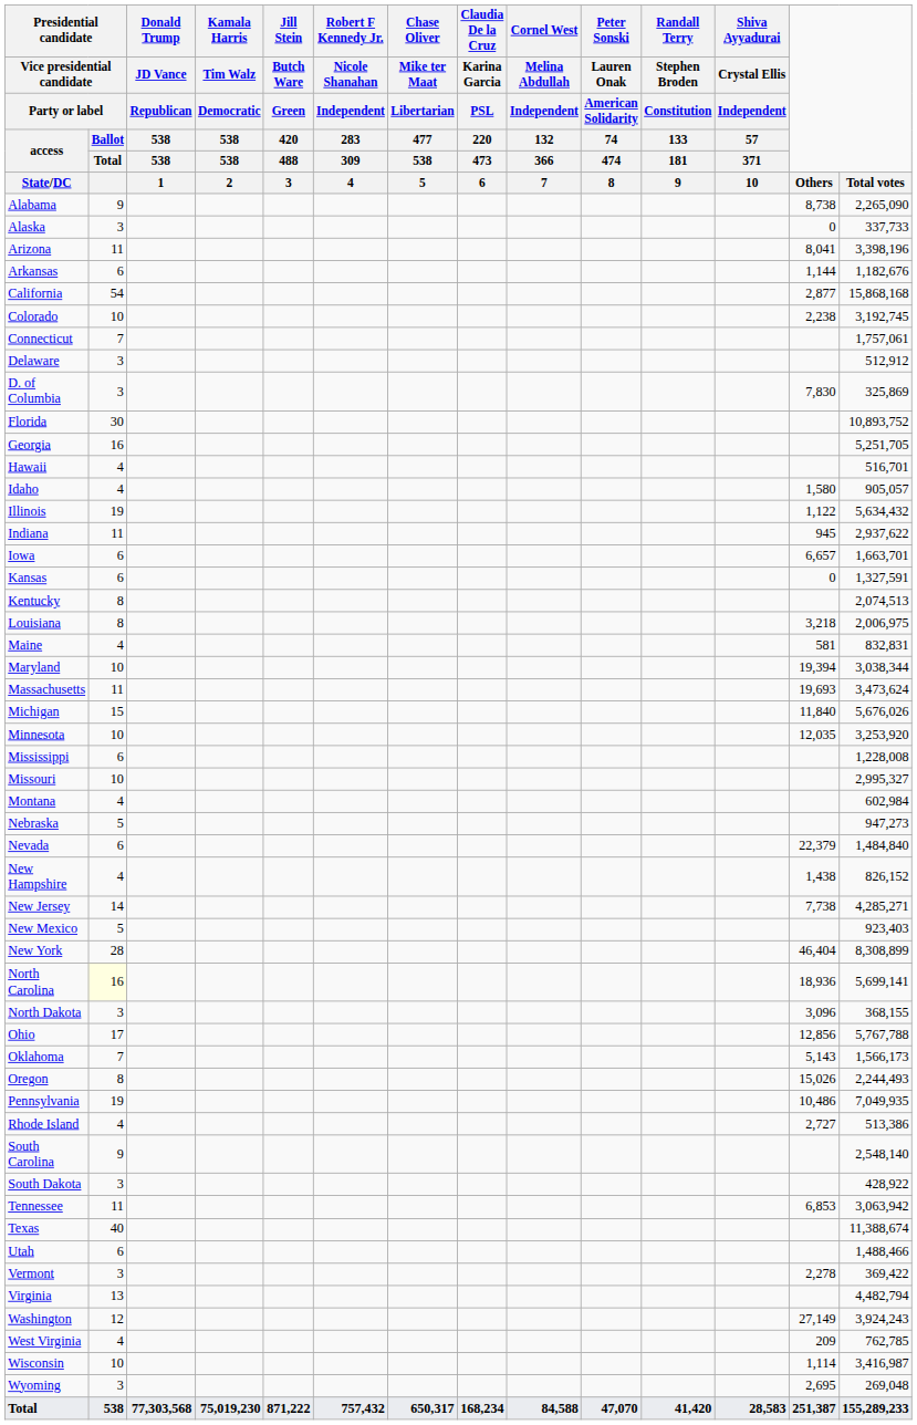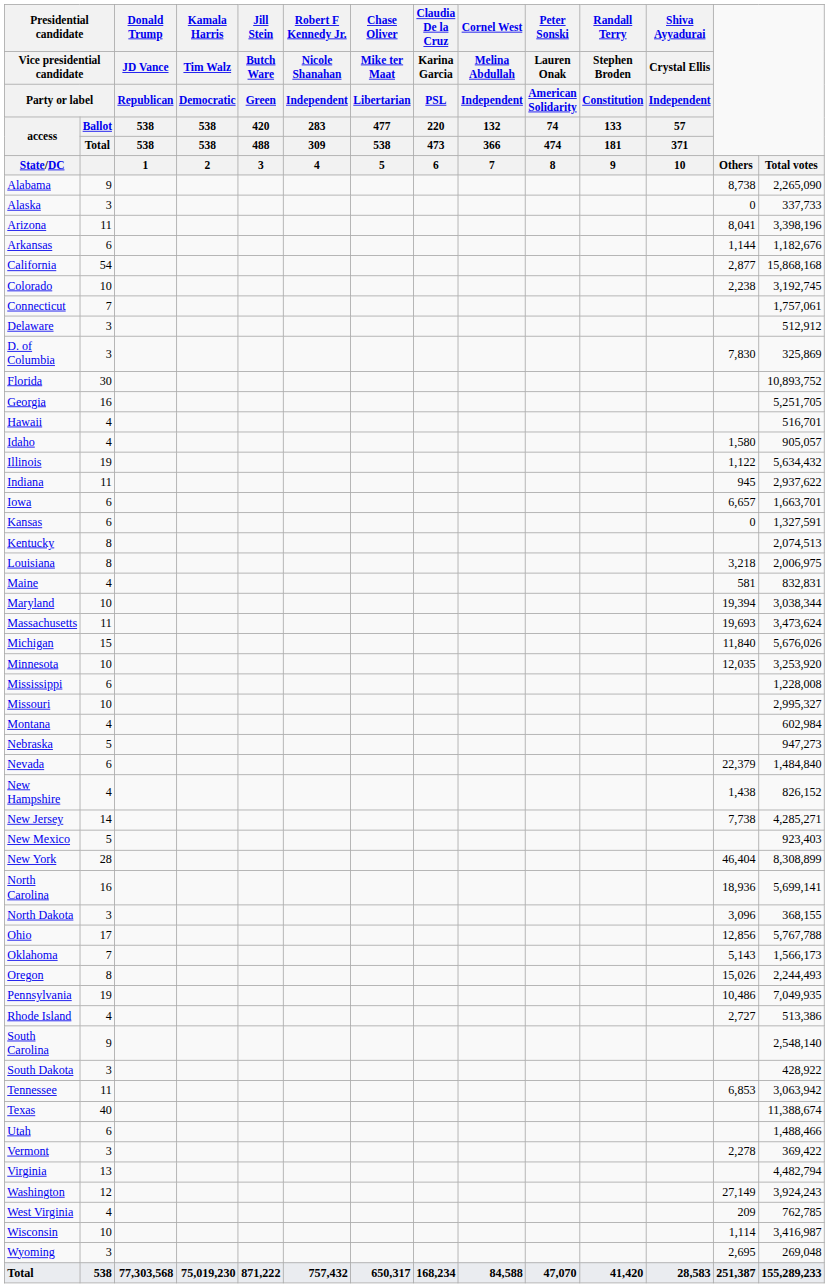 <table class="wikitable sortable collapsible" style="text-align:right; font-size:90%; line-height:1.2; width:1em">
 <tr style=font-size:95%>
 <th class=mw-collapsible id=mw-customcollapsible-p colspan=2>Presidential candidate</th>
 <th class=mw-collapsible id=mw-customcollapsible-p><a href='#'>Donald Trump</a></th>
 <th class=mw-collapsible id=mw-customcollapsible-p><a href='#'>Kamala Harris</a></th>
 <th class=mw-collapsible id=mw-customcollapsible-p><a href='#'>Jill Stein</a></th>
 <th class=mw-collapsible id=mw-customcollapsible-p><a href='#'>Robert F Kennedy Jr.</a></th>
 <th class=mw-collapsible id=mw-customcollapsible-p><a href='#'>Chase Oliver</a></th>
 <th class=mw-collapsible id=mw-customcollapsible-p><a href='#'>Claudia De la Cruz</a></th>
 <th class=mw-collapsible id=mw-customcollapsible-p><a href='#'>Cornel West</a></th>
 <th class=mw-collapsible id=mw-customcollapsible-p><a href='#'>Peter Sonski</a></th>
 <th class=mw-collapsible id=mw-customcollapsible-p><a href='#'>Randall Terry</a></th>
 <th class=mw-collapsible id=mw-customcollapsible-p><a href='#'>Shiva Ayyadurai</a></th>
 </tr>
 <tr style=font-size:95%>
 <th class="mw-collapsible mw-collapsed" id=mw-customcollapsible-v colspan=2>Vice presidential candidate</th>
 <th class="mw-collapsible mw-collapsed" id=mw-customcollapsible-v><a href='#'>JD Vance</a></th>
 <th class="mw-collapsible mw-collapsed" id=mw-customcollapsible-v><a href='#'>Tim Walz</a></th>
 <th class="mw-collapsible mw-collapsed" id=mw-customcollapsible-v><a href='#'>Butch Ware</a></th>
 <th class="mw-collapsible mw-collapsed" id=mw-customcollapsible-v><a href='#'>Nicole Shanahan</a></th>
 <th class="mw-collapsible mw-collapsed" id=mw-customcollapsible-v><a href='#'>Mike ter Maat</a></th>
 <th class="mw-collapsible mw-collapsed" id=mw-customcollapsible-v>Karina Garcia</th>
 <th class="mw-collapsible mw-collapsed" id=mw-customcollapsible-v><a href='#'>Melina Abdullah</a></th>
 <th class="mw-collapsible mw-collapsed" id=mw-customcollapsible-v>Lauren Onak</th>
 <th class="mw-collapsible mw-collapsed" id=mw-customcollapsible-v>Stephen Broden</th>
 <th class="mw-collapsible mw-collapsed" id=mw-customcollapsible-v>Crystal Ellis</th>
 </tr>
 <tr style=font-size:95%>
 <th class=mw-collapsible id=mw-customcollapsible-a colspan=2>Party or label</th>
 <th class=mw-collapsible id=mw-customcollapsible-a><a href='#'>Republican</a></th>
 <th class=mw-collapsible id=mw-customcollapsible-a><a href='#'>Democratic</a></th>
 <th class=mw-collapsible id=mw-customcollapsible-a><a href='#'>Green</a></th>
 <th class=mw-collapsible id=mw-customcollapsible-a><a href='#'>Independent</a></th>
 <th class=mw-collapsible id=mw-customcollapsible-a><a href='#'>Libertarian</a></th>
 <th class=mw-collapsible id=mw-customcollapsible-a><a href='#'>PSL</a></th>
 <th class=mw-collapsible id=mw-customcollapsible-a><a href='#'>Independent</a></th>
 <th class=mw-collapsible id=mw-customcollapsible-a><a href='#'>American Solidarity</a></th>
 <th class=mw-collapsible id=mw-customcollapsible-a><a href='#'>Constitution</a></th>
 <th class=mw-collapsible id=mw-customcollapsible-a><a href='#'>Independent</a></th>
 </tr>
 <tr style=font-size:95%>
 <th class="mw-collapsible mw-collapsed" id=mw-customcollapsible-b rowspan=2><a href='#'></a> access</th>
 <th class="mw-collapsible mw-collapsed" id=mw-customcollapsible-b><a href='#'>Ballot</a></th>
 <th class="mw-collapsible mw-collapsed" id=mw-customcollapsible-b>538</th>
 <th class="mw-collapsible mw-collapsed" id=mw-customcollapsible-b>538</th>
 <th class="mw-collapsible mw-collapsed" id=mw-customcollapsible-b>420</th>
 <th class="mw-collapsible mw-collapsed" id=mw-customcollapsible-b>283</th>
 <th class="mw-collapsible mw-collapsed" id=mw-customcollapsible-b>477</th>
 <th class="mw-collapsible mw-collapsed" id=mw-customcollapsible-b>220</th>
 <th class="mw-collapsible mw-collapsed" id=mw-customcollapsible-b>132</th>
 <th class="mw-collapsible mw-collapsed" id=mw-customcollapsible-b>74</th>
 <th class="mw-collapsible mw-collapsed" id=mw-customcollapsible-b>133</th>
 <th class="mw-collapsible mw-collapsed" id=mw-customcollapsible-b>57</th>
 </tr>
 <tr style=font-size:95%>
 <th class="mw-collapsible mw-collapsed" id=mw-customcollapsible-b>Total</th>
 <th class="mw-collapsible mw-collapsed" id=mw-customcollapsible-b>538</th>
 <th class="mw-collapsible mw-collapsed" id=mw-customcollapsible-b>538</th>
 <th class="mw-collapsible mw-collapsed" id=mw-customcollapsible-b>488</th>
 <th class="mw-collapsible mw-collapsed" id=mw-customcollapsible-b>309</th>
 <th class="mw-collapsible mw-collapsed" id=mw-customcollapsible-b>538</th>
 <th class="mw-collapsible mw-collapsed" id=mw-customcollapsible-b>473</th>
 <th class="mw-collapsible mw-collapsed" id=mw-customcollapsible-b>366</th>
 <th class="mw-collapsible mw-collapsed" id=mw-customcollapsible-b>474</th>
 <th class="mw-collapsible mw-collapsed" id=mw-customcollapsible-b>181</th>
 <th class="mw-collapsible mw-collapsed" id=mw-customcollapsible-b>371</th>
 </tr>
 <tr style=font-size:95% class=nowrap>
 <th><a href='#'>State</a>/<a href='#'>DC</a></th>
 <th><a href='#'></a></th>
 <th>1</th>
 <th>2</th>
 <th>3</th>
 <th>4</th>
 <th>5</th>
 <th>6</th>
 <th>7</th>
 <th>8</th>
 <th>9</th>
 <th>10</th>
 <th>Others</th>
 <th>Total votes</th>
 </tr>
 <tr>
 <td style=text-align:left><a href='#'>Alabama</a></td>
 <td>9</td>
 <td></td>
 <td></td>
 <td></td>
 <td></td>
 <td></td>
 <td></td>
 <td></td>
 <td></td>
 <td></td>
 <td></td>
 <td>8,738</td>
 <td>2,265,090</td>
 </tr>
 <tr>
 <td style=text-align:left><a href='#'>Alaska</a></td>
 <td>3</td>
 <td></td>
 <td></td>
 <td></td>
 <td></td>
 <td></td>
 <td></td>
 <td></td>
 <td></td>
 <td></td>
 <td></td>
 <td>0</td>
 <td>337,733</td>
 </tr>
 <tr>
 <td style=text-align:left><a href='#'>Arizona</a></td>
 <td>11</td>
 <td></td>
 <td></td>
 <td></td>
 <td></td>
 <td></td>
 <td></td>
 <td></td>
 <td></td>
 <td></td>
 <td></td>
 <td>8,041</td>
 <td>3,398,196</td>
 </tr>
 <tr>
 <td style=text-align:left><a href='#'>Arkansas</a></td>
 <td>6</td>
 <td></td>
 <td></td>
 <td></td>
 <td></td>
 <td></td>
 <td></td>
 <td></td>
 <td></td>
 <td></td>
 <td></td>
 <td>1,144</td>
 <td>1,182,676</td>
 </tr>
 <tr>
 <td style=text-align:left><a href='#'>California</a></td>
 <td>54</td>
 <td></td>
 <td></td>
 <td></td>
 <td></td>
 <td></td>
 <td></td>
 <td></td>
 <td></td>
 <td></td>
 <td></td>
 <td>2,877</td>
 <td>15,868,168</td>
 </tr>
 <tr>
 <td style=text-align:left><a href='#'>Colorado</a></td>
 <td>10</td>
 <td></td>
 <td></td>
 <td></td>
 <td></td>
 <td></td>
 <td></td>
 <td></td>
 <td></td>
 <td></td>
 <td></td>
 <td>2,238</td>
 <td>3,192,745</td>
 </tr>
 <tr>
 <td style=text-align:left><a href='#'>Connecticut</a></td>
 <td>7</td>
 <td></td>
 <td></td>
 <td></td>
 <td></td>
 <td></td>
 <td></td>
 <td></td>
 <td></td>
 <td></td>
 <td></td>
 <td></td>
 <td>1,757,061</td>
 </tr>
 <tr>
 <td style=text-align:left><a href='#'>Delaware</a></td>
 <td>3</td>
 <td></td>
 <td></td>
 <td></td>
 <td></td>
 <td></td>
 <td></td>
 <td></td>
 <td></td>
 <td></td>
 <td></td>
 <td></td>
 <td>512,912</td>
 </tr>
 <tr>
 <td style=text-align:left><a href='#'>D. of Columbia</a></td>
 <td>3</td>
 <td></td>
 <td></td>
 <td></td>
 <td></td>
 <td></td>
 <td></td>
 <td></td>
 <td></td>
 <td></td>
 <td></td>
 <td>7,830</td>
 <td>325,869</td>
 </tr>
 <tr>
 <td style=text-align:left><a href='#'>Florida</a></td>
 <td>30</td>
 <td></td>
 <td></td>
 <td></td>
 <td></td>
 <td></td>
 <td></td>
 <td></td>
 <td></td>
 <td></td>
 <td></td>
 <td></td>
 <td>10,893,752</td>
 </tr>
 <tr>
 <td style=text-align:left><a href='#'>Georgia</a></td>
 <td>16</td>
 <td></td>
 <td></td>
 <td></td>
 <td></td>
 <td></td>
 <td></td>
 <td></td>
 <td></td>
 <td></td>
 <td></td>
 <td></td>
 <td>5,251,705</td>
 </tr>
 <tr>
 <td style=text-align:left><a href='#'>Hawaii</a></td>
 <td>4</td>
 <td></td>
 <td></td>
 <td></td>
 <td></td>
 <td></td>
 <td></td>
 <td></td>
 <td></td>
 <td></td>
 <td></td>
 <td></td>
 <td>516,701</td>
 </tr>
 <tr>
 <td style=text-align:left><a href='#'>Idaho</a></td>
 <td>4</td>
 <td></td>
 <td></td>
 <td></td>
 <td></td>
 <td></td>
 <td></td>
 <td></td>
 <td></td>
 <td></td>
 <td></td>
 <td>1,580</td>
 <td>905,057</td>
 </tr>
 <tr>
 <td style=text-align:left><a href='#'>Illinois</a></td>
 <td>19</td>
 <td></td>
 <td></td>
 <td></td>
 <td></td>
 <td></td>
 <td></td>
 <td></td>
 <td></td>
 <td></td>
 <td></td>
 <td>1,122</td>
 <td>5,634,432</td>
 </tr>
 <tr>
 <td style=text-align:left><a href='#'>Indiana</a></td>
 <td>11</td>
 <td></td>
 <td></td>
 <td></td>
 <td></td>
 <td></td>
 <td></td>
 <td></td>
 <td></td>
 <td></td>
 <td></td>
 <td>945</td>
 <td>2,937,622</td>
 </tr>
 <tr>
 <td style=text-align:left><a href='#'>Iowa</a></td>
 <td>6</td>
 <td></td>
 <td></td>
 <td></td>
 <td></td>
 <td></td>
 <td></td>
 <td></td>
 <td></td>
 <td></td>
 <td></td>
 <td>6,657</td>
 <td>1,663,701</td>
 </tr>
 <tr>
 <td style=text-align:left><a href='#'>Kansas</a></td>
 <td>6</td>
 <td></td>
 <td></td>
 <td></td>
 <td></td>
 <td></td>
 <td></td>
 <td></td>
 <td></td>
 <td></td>
 <td></td>
 <td>0</td>
 <td>1,327,591</td>
 </tr>
 <tr>
 <td style=text-align:left><a href='#'>Kentucky</a></td>
 <td>8</td>
 <td></td>
 <td></td>
 <td></td>
 <td></td>
 <td></td>
 <td></td>
 <td></td>
 <td></td>
 <td></td>
 <td></td>
 <td></td>
 <td>2,074,513</td>
 </tr>
 <tr>
 <td style=text-align:left><a href='#'>Louisiana</a></td>
 <td>8</td>
 <td></td>
 <td></td>
 <td></td>
 <td></td>
 <td></td>
 <td></td>
 <td></td>
 <td></td>
 <td></td>
 <td></td>
 <td>3,218</td>
 <td>2,006,975</td>
 </tr>
 <tr>
 <td style=text-align:left><a href='#'>Maine</a></td>
 <td>4</td>
 <td></td>
 <td></td>
 <td></td>
 <td></td>
 <td></td>
 <td></td>
 <td></td>
 <td></td>
 <td></td>
 <td></td>
 <td>581</td>
 <td>832,831</td>
 </tr>
 <tr>
 <td style=text-align:left><a href='#'>Maryland</a></td>
 <td>10</td>
 <td></td>
 <td></td>
 <td></td>
 <td></td>
 <td></td>
 <td></td>
 <td></td>
 <td></td>
 <td></td>
 <td></td>
 <td>19,394</td>
 <td>3,038,344</td>
 </tr>
 <tr>
 <td style=text-align:left><a href='#'>Massachusetts</a></td>
 <td>11</td>
 <td></td>
 <td></td>
 <td></td>
 <td></td>
 <td></td>
 <td></td>
 <td></td>
 <td></td>
 <td></td>
 <td></td>
 <td>19,693</td>
 <td>3,473,624</td>
 </tr>
 <tr>
 <td style=text-align:left><a href='#'>Michigan</a></td>
 <td>15</td>
 <td></td>
 <td></td>
 <td></td>
 <td></td>
 <td></td>
 <td></td>
 <td></td>
 <td></td>
 <td></td>
 <td></td>
 <td>11,840</td>
 <td>5,676,026</td>
 </tr>
 <tr>
 <td style=text-align:left><a href='#'>Minnesota</a></td>
 <td>10</td>
 <td></td>
 <td></td>
 <td></td>
 <td></td>
 <td></td>
 <td></td>
 <td></td>
 <td></td>
 <td></td>
 <td></td>
 <td>12,035</td>
 <td>3,253,920</td>
 </tr>
 <tr>
 <td style=text-align:left><a href='#'>Mississippi</a></td>
 <td>6</td>
 <td></td>
 <td></td>
 <td></td>
 <td></td>
 <td></td>
 <td></td>
 <td></td>
 <td></td>
 <td></td>
 <td></td>
 <td></td>
 <td>1,228,008</td>
 </tr>
 <tr>
 <td style=text-align:left><a href='#'>Missouri</a></td>
 <td>10</td>
 <td></td>
 <td></td>
 <td></td>
 <td></td>
 <td></td>
 <td></td>
 <td></td>
 <td></td>
 <td></td>
 <td></td>
 <td></td>
 <td>2,995,327</td>
 </tr>
 <tr>
 <td style=text-align:left><a href='#'>Montana</a></td>
 <td>4</td>
 <td></td>
 <td></td>
 <td></td>
 <td></td>
 <td></td>
 <td></td>
 <td></td>
 <td></td>
 <td></td>
 <td></td>
 <td></td>
 <td>602,984</td>
 </tr>
 <tr>
 <td style=text-align:left><a href='#'>Nebraska</a></td>
 <td>5</td>
 <td></td>
 <td></td>
 <td></td>
 <td></td>
 <td></td>
 <td></td>
 <td></td>
 <td></td>
 <td></td>
 <td></td>
 <td></td>
 <td>947,273</td>
 </tr>
 <tr>
 <td style=text-align:left><a href='#'>Nevada</a></td>
 <td>6</td>
 <td></td>
 <td></td>
 <td></td>
 <td></td>
 <td></td>
 <td></td>
 <td></td>
 <td></td>
 <td></td>
 <td></td>
 <td>22,379</td>
 <td>1,484,840</td>
 </tr>
 <tr>
 <td style=text-align:left class=nowrap><a href='#'>New Hampshire</a></td>
 <td>4</td>
 <td></td>
 <td></td>
 <td></td>
 <td></td>
 <td></td>
 <td></td>
 <td></td>
 <td></td>
 <td></td>
 <td></td>
 <td>1,438</td>
 <td>826,152</td>
 </tr>
 <tr>
 <td style=text-align:left><a href='#'>New Jersey</a></td>
 <td>14</td>
 <td></td>
 <td></td>
 <td></td>
 <td></td>
 <td></td>
 <td></td>
 <td></td>
 <td></td>
 <td></td>
 <td></td>
 <td>7,738</td>
 <td>4,285,271</td>
 </tr>
 <tr>
 <td style=text-align:left><a href='#'>New Mexico</a></td>
 <td>5</td>
 <td></td>
 <td></td>
 <td></td>
 <td></td>
 <td></td>
 <td></td>
 <td></td>
 <td></td>
 <td></td>
 <td></td>
 <td></td>
 <td>923,403</td>
 </tr>
 <tr>
 <td style=text-align:left><a href='#'>New York</a></td>
 <td>28</td>
 <td></td>
 <td></td>
 <td></td>
 <td></td>
 <td></td>
 <td></td>
 <td></td>
 <td></td>
 <td></td>
 <td></td>
 <td>46,404</td>
 <td>8,308,899</td>
 </tr>
 <tr>
 <td style=text-align:left><a href='#'>North Carolina</a></td>
-<td style="background: lightyellow;">16</td>
+<td>16</td>
 <td></td>
 <td></td>
 <td></td>
 <td></td>
 <td></td>
 <td></td>
 <td></td>
 <td></td>
 <td></td>
 <td></td>
 <td>18,936</td>
 <td>5,699,141</td>
 </tr>
 <tr>
 <td style=text-align:left><a href='#'>North Dakota</a></td>
 <td>3</td>
 <td></td>
 <td></td>
 <td></td>
 <td></td>
 <td></td>
 <td></td>
 <td></td>
 <td></td>
 <td></td>
 <td></td>
 <td>3,096</td>
 <td>368,155</td>
 </tr>
 <tr>
 <td style=text-align:left><a href='#'>Ohio</a></td>
 <td>17</td>
 <td></td>
 <td></td>
 <td></td>
 <td></td>
 <td></td>
 <td></td>
 <td></td>
 <td></td>
 <td></td>
 <td></td>
 <td>12,856</td>
 <td>5,767,788</td>
 </tr>
 <tr>
 <td style=text-align:left><a href='#'>Oklahoma</a></td>
 <td>7</td>
 <td></td>
 <td></td>
 <td></td>
 <td></td>
 <td></td>
 <td></td>
 <td></td>
 <td></td>
 <td></td>
 <td></td>
 <td>5,143</td>
 <td>1,566,173</td>
 </tr>
 <tr>
 <td style=text-align:left><a href='#'>Oregon</a></td>
 <td>8</td>
 <td></td>
 <td></td>
 <td></td>
 <td></td>
 <td></td>
 <td></td>
 <td></td>
 <td></td>
 <td></td>
 <td></td>
 <td>15,026</td>
 <td>2,244,493</td>
 </tr>
 <tr>
 <td style=text-align:left><a href='#'>Pennsylvania</a></td>
 <td>19</td>
 <td></td>
 <td></td>
 <td></td>
 <td></td>
 <td></td>
 <td></td>
 <td></td>
 <td></td>
 <td></td>
 <td></td>
 <td>10,486</td>
 <td>7,049,935</td>
 </tr>
 <tr>
 <td style=text-align:left><a href='#'>Rhode Island</a></td>
 <td>4</td>
 <td></td>
 <td></td>
 <td></td>
 <td></td>
 <td></td>
 <td></td>
 <td></td>
 <td></td>
 <td></td>
 <td></td>
 <td>2,727</td>
 <td>513,386</td>
 </tr>
 <tr>
 <td style=text-align:left><a href='#'>South Carolina</a></td>
 <td>9</td>
 <td></td>
 <td></td>
 <td></td>
 <td></td>
 <td></td>
 <td></td>
 <td></td>
 <td></td>
 <td></td>
 <td></td>
 <td></td>
 <td>2,548,140</td>
 </tr>
 <tr>
 <td style=text-align:left><a href='#'>South Dakota</a></td>
 <td>3</td>
 <td></td>
 <td></td>
 <td></td>
 <td></td>
 <td></td>
 <td></td>
 <td></td>
 <td></td>
 <td></td>
 <td></td>
 <td></td>
 <td>428,922</td>
 </tr>
 <tr>
 <td style=text-align:left><a href='#'>Tennessee</a></td>
 <td>11</td>
 <td></td>
 <td></td>
 <td></td>
 <td></td>
 <td></td>
 <td></td>
 <td></td>
 <td></td>
 <td></td>
 <td></td>
 <td>6,853</td>
 <td>3,063,942</td>
 </tr>
 <tr>
 <td style=text-align:left><a href='#'>Texas</a></td>
 <td>40</td>
 <td></td>
 <td></td>
 <td></td>
 <td></td>
 <td></td>
 <td></td>
 <td></td>
 <td></td>
 <td></td>
 <td></td>
 <td></td>
 <td>11,388,674</td>
 </tr>
 <tr>
 <td style=text-align:left><a href='#'>Utah</a></td>
 <td>6</td>
 <td></td>
 <td></td>
 <td></td>
 <td></td>
 <td></td>
 <td></td>
 <td></td>
 <td></td>
 <td></td>
 <td></td>
 <td></td>
 <td>1,488,466</td>
 </tr>
 <tr>
 <td style=text-align:left><a href='#'>Vermont</a></td>
 <td>3</td>
 <td></td>
 <td></td>
 <td></td>
 <td></td>
 <td></td>
 <td></td>
 <td></td>
 <td></td>
 <td></td>
 <td></td>
 <td>2,278</td>
 <td>369,422</td>
 </tr>
 <tr>
 <td style=text-align:left><a href='#'>Virginia</a></td>
 <td>13</td>
 <td></td>
 <td></td>
 <td></td>
 <td></td>
 <td></td>
 <td></td>
 <td></td>
 <td></td>
 <td></td>
 <td></td>
 <td></td>
 <td>4,482,794</td>
 </tr>
 <tr>
 <td style=text-align:left><a href='#'>Washington</a></td>
 <td>12</td>
 <td></td>
 <td></td>
 <td></td>
 <td></td>
 <td></td>
 <td></td>
 <td></td>
 <td></td>
 <td></td>
 <td></td>
 <td>27,149</td>
 <td>3,924,243</td>
 </tr>
 <tr>
 <td style=text-align:left><a href='#'>West Virginia</a></td>
 <td>4</td>
 <td></td>
 <td></td>
 <td></td>
 <td></td>
 <td></td>
 <td></td>
 <td></td>
 <td></td>
 <td></td>
 <td></td>
 <td>209</td>
 <td>762,785</td>
 </tr>
 <tr>
 <td style=text-align:left><a href='#'>Wisconsin</a></td>
 <td>10</td>
 <td></td>
 <td></td>
 <td></td>
 <td></td>
 <td></td>
 <td></td>
 <td></td>
 <td></td>
 <td></td>
 <td></td>
 <td>1,114</td>
 <td>3,416,987</td>
 </tr>
 <tr>
 <td style=text-align:left><a href='#'>Wyoming</a></td>
 <td>3</td>
 <td></td>
 <td></td>
 <td></td>
 <td></td>
 <td></td>
 <td></td>
 <td></td>
 <td></td>
 <td></td>
 <td></td>
 <td>2,695</td>
 <td>269,048</td>
 </tr>
 <tr class=sortbottom style="background:#EAECF0; font-weight:bold">
 <td style=text-align:left>Total</td>
 <td>538</td>
 <td>77,303,568</td>
 <td>75,019,230</td>
 <td>871,222</td>
 <td>757,432</td>
 <td>650,317</td>
 <td>168,234</td>
 <td>84,588</td>
 <td>47,070</td>
 <td>41,420</td>
 <td>28,583</td>
 <td>251,387</td>
 <td>155,289,233</td>
 </tr>
 </table>
